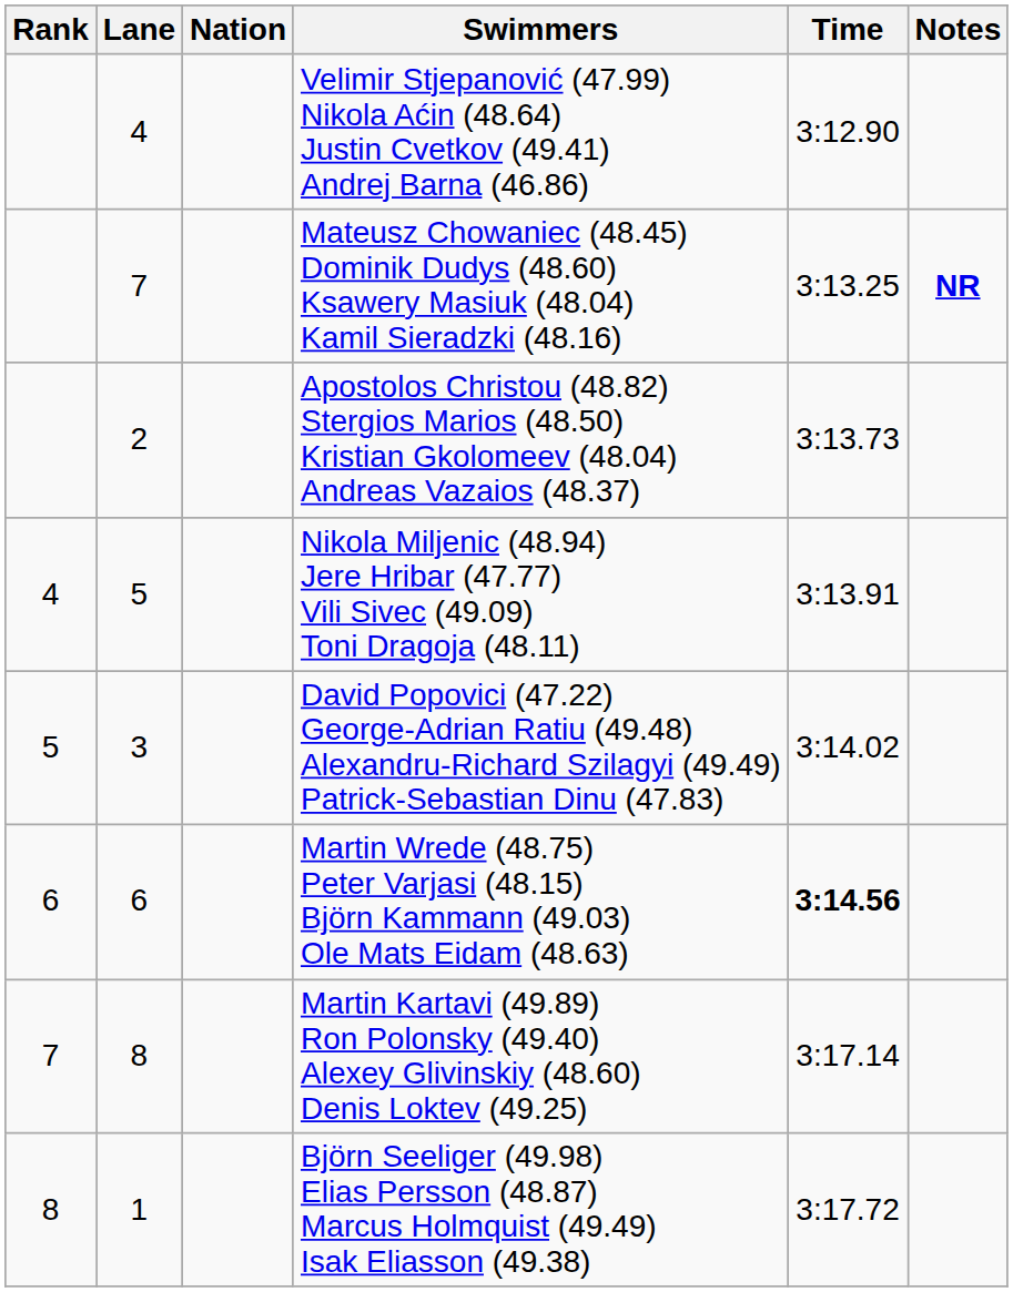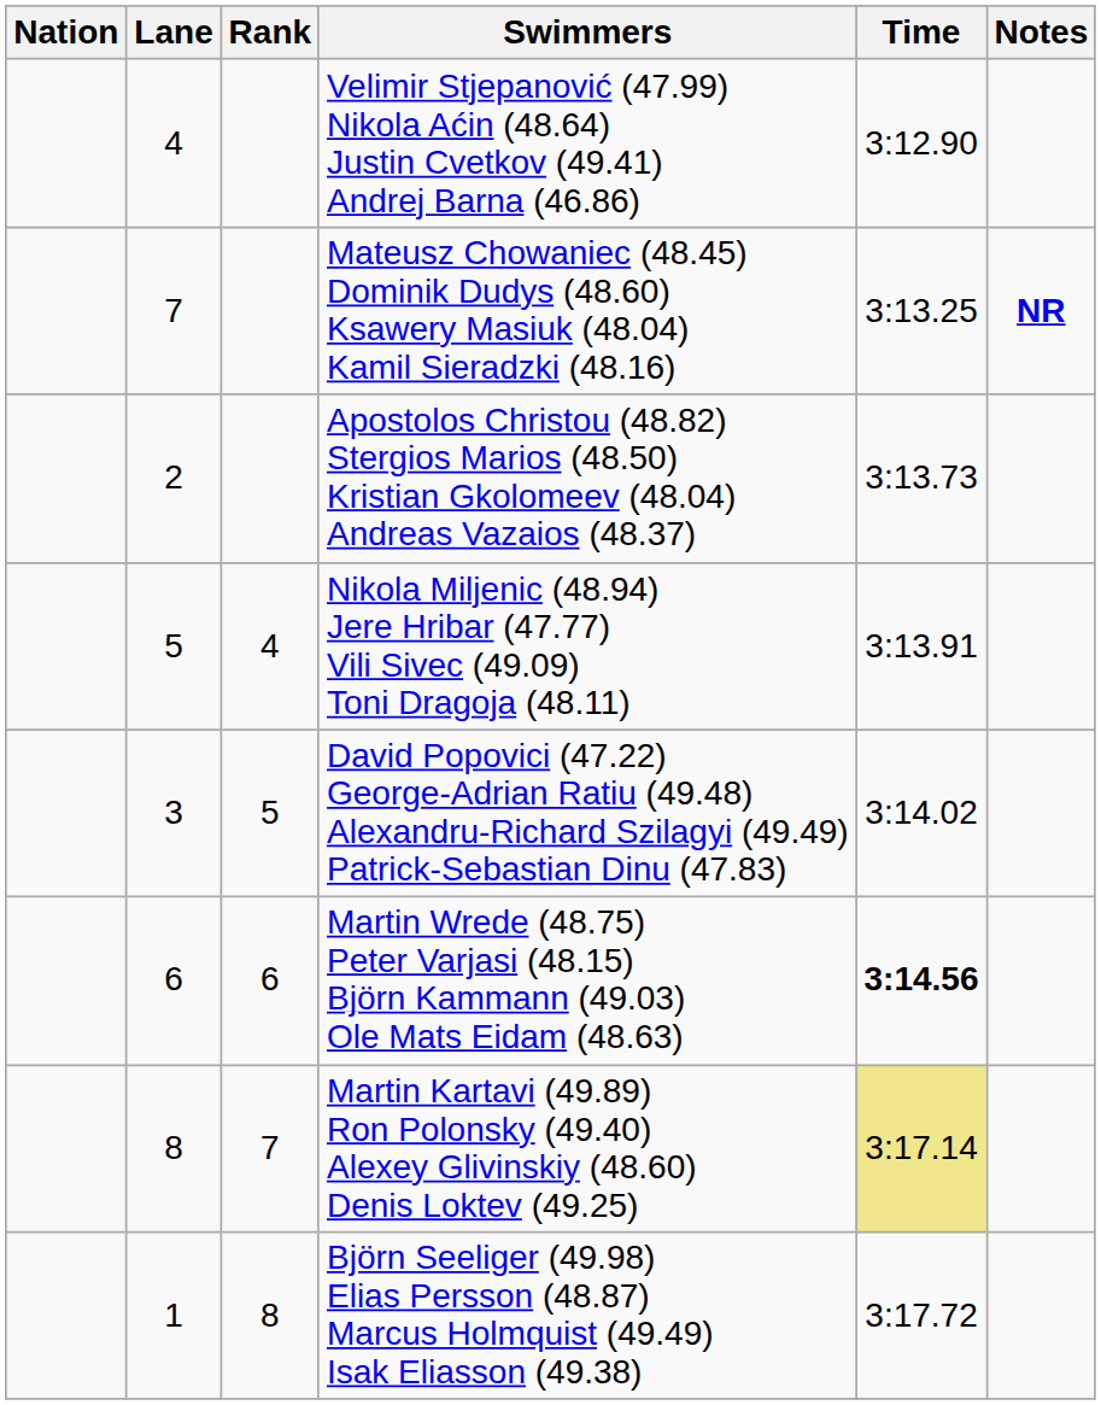 <table class="wikitable sortable" style="text-align:center">
 <tr>
+<th>Nation</th>
+<th>Lane</th>
 <th>Rank</th>
-<th>Lane</th>
-<th>Nation</th>
 <th>Swimmers</th>
 <th>Time</th>
 <th>Notes</th>
 </tr>
 <tr>
+<td align=left></td>
+<td>4</td>
 <td></td>
-<td>4</td>
-<td align=left></td>
 <td align=left><a href='#'>Velimir Stjepanović</a> (47.99)<br><a href='#'>Nikola Aćin</a> (48.64)<br><a href='#'>Justin Cvetkov</a> (49.41)<br><a href='#'>Andrej Barna</a> (46.86)</td>
 <td>3:12.90</td>
 <td></td>
 </tr>
 <tr>
+<td align=left></td>
+<td>7</td>
 <td></td>
-<td>7</td>
-<td align=left></td>
 <td align=left><a href='#'>Mateusz Chowaniec</a> (48.45)<br><a href='#'>Dominik Dudys</a> (48.60)<br><a href='#'>Ksawery Masiuk</a> (48.04)<br><a href='#'>Kamil Sieradzki</a> (48.16)</td>
 <td>3:13.25</td>
 <td><strong><a href='#'>NR</a></strong></td>
 </tr>
 <tr>
+<td align=left></td>
+<td>2</td>
 <td></td>
-<td>2</td>
-<td align=left></td>
 <td align=left><a href='#'>Apostolos Christou</a> (48.82)<br><a href='#'>Stergios Marios</a> (48.50)<br><a href='#'>Kristian Gkolomeev</a> (48.04)<br><a href='#'>Andreas Vazaios</a> (48.37)</td>
 <td>3:13.73</td>
 <td></td>
 </tr>
 <tr>
+<td align=left></td>
+<td>5</td>
 <td>4</td>
-<td>5</td>
-<td align=left></td>
 <td align=left><a href='#'>Nikola Miljenic</a> (48.94)<br><a href='#'>Jere Hribar</a> (47.77)<br><a href='#'>Vili Sivec</a> (49.09)<br><a href='#'>Toni Dragoja</a> (48.11)</td>
 <td>3:13.91</td>
 <td></td>
 </tr>
 <tr>
+<td align=left></td>
+<td>3</td>
 <td>5</td>
-<td>3</td>
-<td align=left></td>
 <td align=left><a href='#'>David Popovici</a> (47.22)<br><a href='#'>George-Adrian Ratiu</a> (49.48)<br><a href='#'>Alexandru-Richard Szilagyi</a> (49.49)<br><a href='#'>Patrick-Sebastian Dinu</a> (47.83)</td>
 <td>3:14.02</td>
 <td></td>
 </tr>
 <tr>
+<td align=left></td>
 <td>6</td>
 <td>6</td>
-<td align=left></td>
 <td align=left><a href='#'>Martin Wrede</a> (48.75)<br><a href='#'>Peter Varjasi</a> (48.15)<br><a href='#'>Björn Kammann</a> (49.03)<br><a href='#'>Ole Mats Eidam</a> (48.63)</td>
 <td><strong>3:14.56</strong></td>
 <td></td>
 </tr>
 <tr>
+<td align=left></td>
+<td>8</td>
 <td>7</td>
-<td>8</td>
-<td align=left></td>
 <td align=left><a href='#'>Martin Kartavi</a> (49.89)<br><a href='#'>Ron Polonsky</a> (49.40)<br><a href='#'>Alexey Glivinskiy</a> (48.60)<br><a href='#'>Denis Loktev</a> (49.25)</td>
-<td>3:17.14</td>
+<td style="background: khaki;">3:17.14</td>
 <td></td>
 </tr>
 <tr>
+<td align=left></td>
+<td>1</td>
 <td>8</td>
-<td>1</td>
-<td align=left></td>
 <td align=left><a href='#'>Björn Seeliger</a> (49.98)<br><a href='#'>Elias Persson</a> (48.87)<br><a href='#'>Marcus Holmquist</a> (49.49)<br><a href='#'>Isak Eliasson</a> (49.38)</td>
 <td>3:17.72</td>
 <td></td>
 </tr>
 </table>
